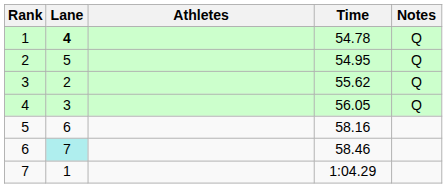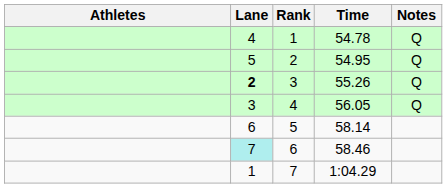 <table class="wikitable sortable" style="text-align:center;">
 <tr>
+<th width=250>Athletes</th>
+<th width=40>Lane</th>
 <th width=40>Rank</th>
-<th width=40>Lane</th>
-<th width=250>Athletes</th>
 <th width=80>Time</th>
 <th width=50>Notes</th>
 </tr>
 <tr bgcolor=ccffcc>
+<td align=left></td>
+<td>4</td>
 <td>1</td>
-<td><strong>4</strong></td>
-<td align=left></td>
 <td>54.78</td>
 <td>Q</td>
 </tr>
 <tr bgcolor=ccffcc>
+<td align=left></td>
+<td>5</td>
 <td>2</td>
-<td>5</td>
-<td align=left></td>
 <td>54.95</td>
 <td>Q</td>
 </tr>
 <tr bgcolor=ccffcc>
+<td align=left></td>
+<td><strong>2</strong></td>
 <td>3</td>
-<td>2</td>
-<td align=left></td>
-<td>55.62</td>
+<td>55.26</td>
 <td>Q</td>
 </tr>
 <tr bgcolor=ccffcc>
+<td align=left></td>
+<td>3</td>
 <td>4</td>
-<td>3</td>
-<td align=left></td>
 <td>56.05</td>
 <td>Q</td>
 </tr>
 <tr>
+<td align=left></td>
+<td>6</td>
 <td>5</td>
-<td>6</td>
-<td align=left></td>
-<td>58.16</td>
+<td>58.14</td>
 <td></td>
 </tr>
 <tr>
+<td align=left></td>
+<td style="background: paleturquoise;">7</td>
 <td>6</td>
-<td style="background: paleturquoise;">7</td>
-<td align=left></td>
 <td>58.46</td>
 <td></td>
 </tr>
 <tr>
+<td align=left></td>
+<td>1</td>
 <td>7</td>
-<td>1</td>
-<td align=left></td>
 <td>1:04.29</td>
 <td></td>
 </tr>
 </table>
